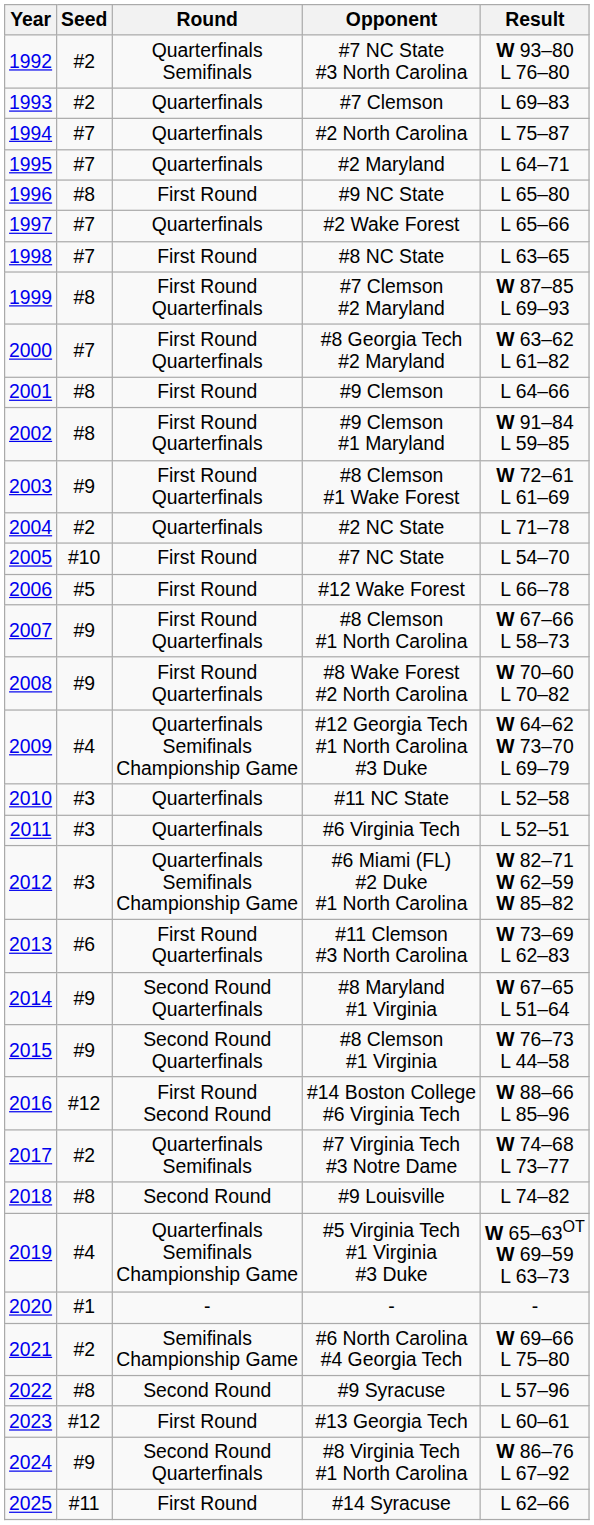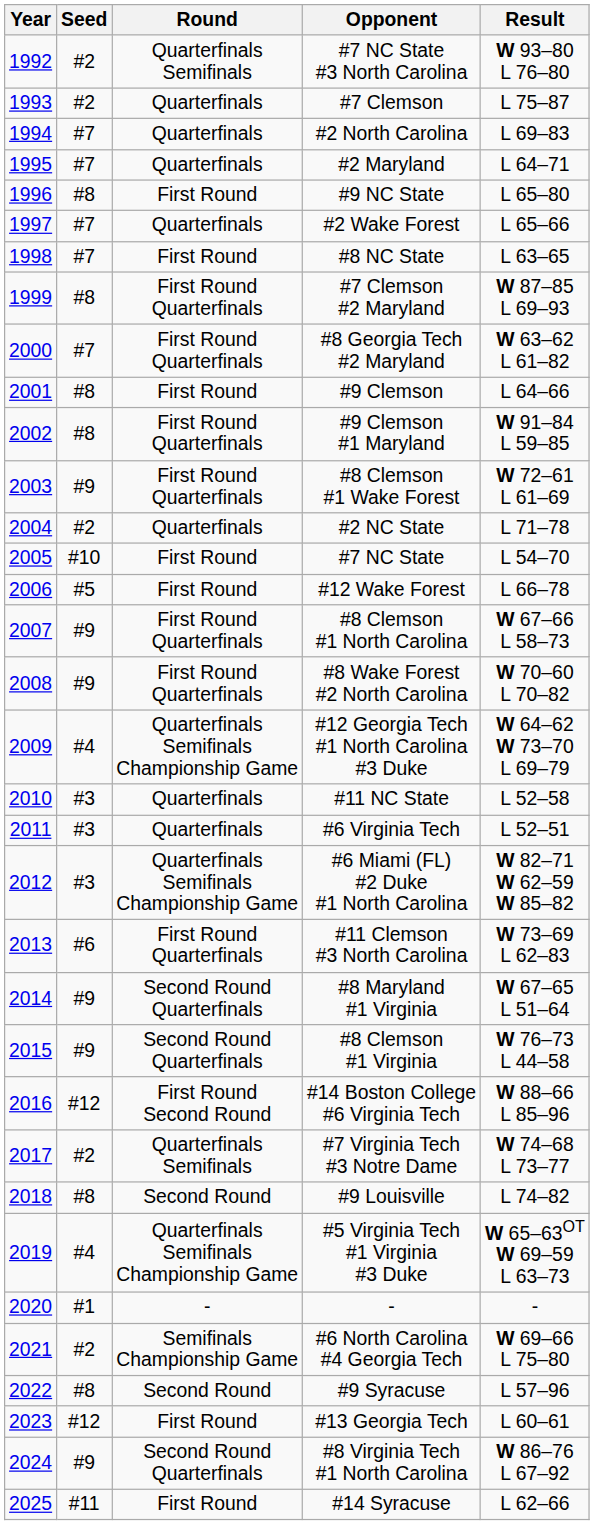 <table class="wikitable" style="text-align:center">
 <tr>
 <th>Year</th>
 <th>Seed</th>
 <th>Round</th>
 <th>Opponent</th>
 <th>Result</th>
 </tr>
 <tr align="center">
 <td><a href='#'>1992</a></td>
 <td>#2</td>
 <td>Quarterfinals<br>Semifinals</td>
 <td>#7 NC State<br>#3 North Carolina</td>
 <td><strong>W</strong> 93–80<br>L 76–80</td>
 </tr>
 <tr align="center">
 <td><a href='#'>1993</a></td>
 <td>#2</td>
 <td>Quarterfinals</td>
 <td>#7 Clemson</td>
-<td>L 69–83</td>
+<td>L 75–87</td>
 </tr>
 <tr align="center">
 <td><a href='#'>1994</a></td>
 <td>#7</td>
 <td>Quarterfinals</td>
 <td>#2 North Carolina</td>
-<td>L 75–87</td>
+<td>L 69–83</td>
 </tr>
 <tr align="center">
 <td><a href='#'>1995</a></td>
 <td>#7</td>
 <td>Quarterfinals</td>
 <td>#2 Maryland</td>
 <td>L 64–71</td>
 </tr>
 <tr align="center">
 <td><a href='#'>1996</a></td>
 <td>#8</td>
 <td>First Round</td>
 <td>#9 NC State</td>
 <td>L 65–80</td>
 </tr>
 <tr align="center">
 <td><a href='#'>1997</a></td>
 <td>#7</td>
 <td>Quarterfinals</td>
 <td>#2 Wake Forest</td>
 <td>L 65–66</td>
 </tr>
 <tr align="center">
 <td><a href='#'>1998</a></td>
 <td>#7</td>
 <td>First Round</td>
 <td>#8 NC State</td>
 <td>L 63–65</td>
 </tr>
 <tr align="center">
 <td><a href='#'>1999</a></td>
 <td>#8</td>
 <td>First Round<br>Quarterfinals</td>
 <td>#7 Clemson<br>#2 Maryland</td>
 <td><strong>W</strong> 87–85<br>L 69–93</td>
 </tr>
 <tr align="center">
 <td><a href='#'>2000</a></td>
 <td>#7</td>
 <td>First Round<br>Quarterfinals</td>
 <td>#8 Georgia Tech<br>#2 Maryland</td>
 <td><strong>W</strong> 63–62<br>L 61–82</td>
 </tr>
 <tr align="center">
 <td><a href='#'>2001</a></td>
 <td>#8</td>
 <td>First Round</td>
 <td>#9 Clemson</td>
 <td>L 64–66</td>
 </tr>
 <tr align="center">
 <td><a href='#'>2002</a></td>
 <td>#8</td>
 <td>First Round<br>Quarterfinals</td>
 <td>#9 Clemson<br>#1 Maryland</td>
 <td><strong>W</strong> 91–84<br>L 59–85</td>
 </tr>
 <tr align="center">
 <td><a href='#'>2003</a></td>
 <td>#9</td>
 <td>First Round<br>Quarterfinals</td>
 <td>#8 Clemson<br>#1 Wake Forest</td>
 <td><strong>W</strong> 72–61<br>L 61–69</td>
 </tr>
 <tr align="center">
 <td><a href='#'>2004</a></td>
 <td>#2</td>
 <td>Quarterfinals</td>
 <td>#2 NC State</td>
 <td>L 71–78</td>
 </tr>
 <tr align="center">
 <td><a href='#'>2005</a></td>
 <td>#10</td>
 <td>First Round</td>
 <td>#7 NC State</td>
 <td>L 54–70</td>
 </tr>
 <tr align="center">
 <td><a href='#'>2006</a></td>
 <td>#5</td>
 <td>First Round</td>
 <td>#12 Wake Forest</td>
 <td>L 66–78</td>
 </tr>
 <tr align="center">
 <td><a href='#'>2007</a></td>
 <td>#9</td>
 <td>First Round<br>Quarterfinals</td>
 <td>#8 Clemson<br>#1 North Carolina</td>
 <td><strong>W</strong> 67–66<br>L 58–73</td>
 </tr>
 <tr align="center">
 <td><a href='#'>2008</a></td>
 <td>#9</td>
 <td>First Round<br>Quarterfinals</td>
 <td>#8 Wake Forest<br>#2 North Carolina</td>
 <td><strong>W</strong> 70–60<br>L 70–82</td>
 </tr>
 <tr align="center">
 <td><a href='#'>2009</a></td>
 <td>#4</td>
 <td>Quarterfinals<br>Semifinals<br>Championship Game</td>
 <td>#12 Georgia Tech<br>#1 North Carolina<br>#3 Duke</td>
 <td><strong>W</strong> 64–62<br><strong>W</strong> 73–70<br>L 69–79</td>
 </tr>
 <tr align="center">
 <td><a href='#'>2010</a></td>
 <td>#3</td>
 <td>Quarterfinals</td>
 <td>#11 NC State</td>
 <td>L 52–58</td>
 </tr>
 <tr align="center">
 <td><a href='#'>2011</a></td>
 <td>#3</td>
 <td>Quarterfinals</td>
 <td>#6 Virginia Tech</td>
 <td>L 52–51</td>
 </tr>
 <tr align="center">
 <td><a href='#'>2012</a></td>
 <td>#3</td>
 <td>Quarterfinals<br>Semifinals<br>Championship Game</td>
 <td>#6 Miami (FL)<br>#2 Duke<br>#1 North Carolina</td>
 <td><strong>W</strong> 82–71<br><strong>W</strong> 62–59<br><strong>W</strong> 85–82</td>
 </tr>
 <tr align="center">
 <td><a href='#'>2013</a></td>
 <td>#6</td>
 <td>First Round<br>Quarterfinals</td>
 <td>#11 Clemson<br>#3 North Carolina</td>
 <td><strong>W</strong> 73–69<br>L 62–83</td>
 </tr>
 <tr align="center">
 <td><a href='#'>2014</a></td>
 <td>#9</td>
 <td>Second Round<br>Quarterfinals</td>
 <td>#8 Maryland<br>#1 Virginia</td>
 <td><strong>W</strong> 67–65<br>L 51–64</td>
 </tr>
 <tr align="center">
 <td><a href='#'>2015</a></td>
 <td>#9</td>
 <td>Second Round<br>Quarterfinals</td>
 <td>#8 Clemson<br>#1 Virginia</td>
 <td><strong>W</strong> 76–73<br>L 44–58</td>
 </tr>
 <tr align="center">
 <td><a href='#'>2016</a></td>
 <td>#12</td>
 <td>First Round<br>Second Round</td>
 <td>#14 Boston College<br>#6 Virginia Tech</td>
 <td><strong>W</strong> 88–66<br>L 85–96</td>
 </tr>
 <tr align="center">
 <td><a href='#'>2017</a></td>
 <td>#2</td>
 <td>Quarterfinals<br>Semifinals</td>
 <td>#7 Virginia Tech<br>#3 Notre Dame</td>
 <td><strong>W</strong> 74–68<br>L 73–77</td>
 </tr>
 <tr align="center">
 <td><a href='#'>2018</a></td>
 <td>#8</td>
 <td>Second Round</td>
 <td>#9 Louisville</td>
 <td>L 74–82</td>
 </tr>
 <tr align="center">
 <td><a href='#'>2019</a></td>
 <td>#4</td>
 <td>Quarterfinals<br>Semifinals<br>Championship Game</td>
 <td>#5 Virginia Tech<br>#1 Virginia<br>#3 Duke</td>
 <td><strong>W</strong> 65–63<sup>OT</sup><br><strong>W</strong> 69–59<br>L 63–73</td>
 </tr>
 <tr align="center">
 <td><a href='#'>2020</a></td>
 <td>#1</td>
 <td>-</td>
 <td>-</td>
 <td>-</td>
 </tr>
 <tr align="center">
 <td><a href='#'>2021</a></td>
 <td>#2</td>
 <td>Semifinals<br>Championship Game</td>
 <td>#6 North Carolina<br>#4 Georgia Tech</td>
 <td><strong>W</strong> 69–66<br>L 75–80</td>
 </tr>
 <tr align="center">
 <td><a href='#'>2022</a></td>
 <td>#8</td>
 <td>Second Round</td>
 <td>#9 Syracuse</td>
 <td>L 57–96</td>
 </tr>
 <tr align="center">
 <td><a href='#'>2023</a></td>
 <td>#12</td>
 <td>First Round</td>
 <td>#13 Georgia Tech</td>
 <td>L 60–61</td>
 </tr>
 <tr align="center">
 <td><a href='#'>2024</a></td>
 <td>#9</td>
 <td>Second Round<br>Quarterfinals</td>
 <td>#8 Virginia Tech<br>#1 North Carolina</td>
 <td><strong>W</strong> 86–76<br>L 67–92</td>
 </tr>
 <tr align="center">
 <td><a href='#'>2025</a></td>
 <td>#11</td>
 <td>First Round</td>
 <td>#14 Syracuse</td>
 <td>L 62–66</td>
 </tr>
 </table>
